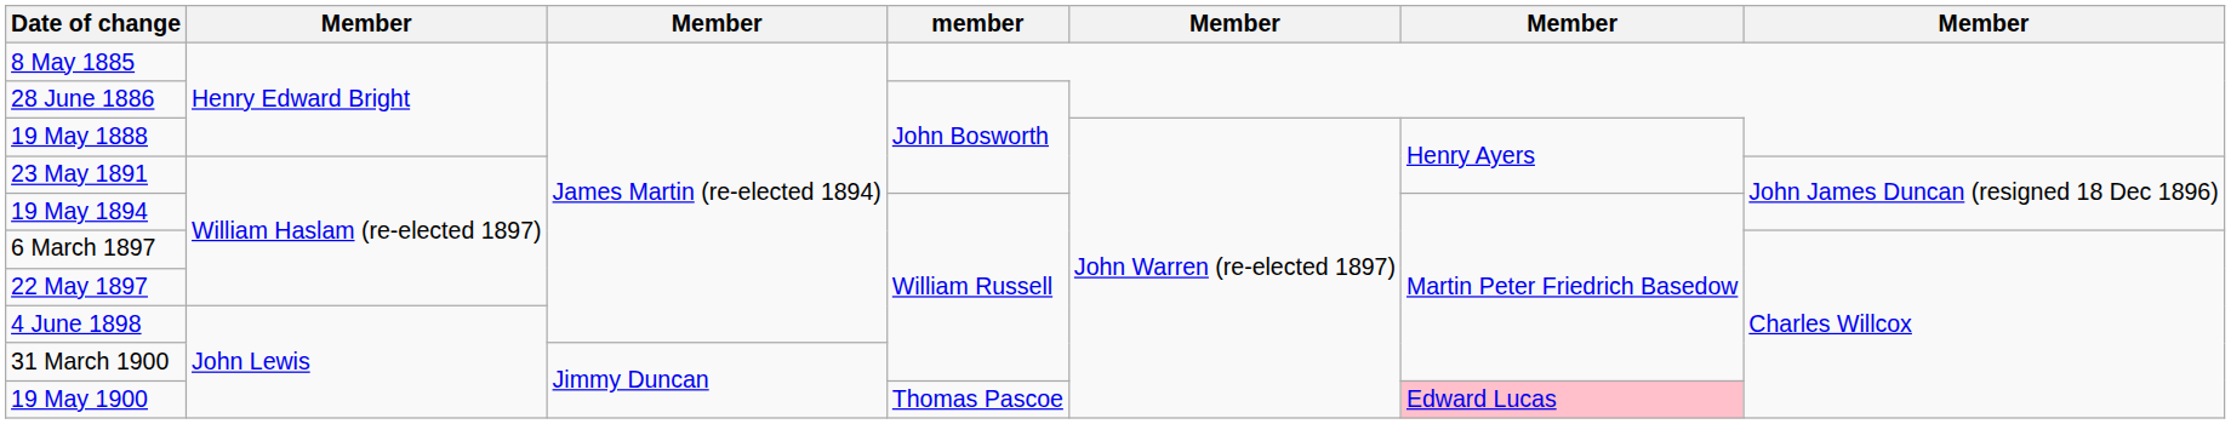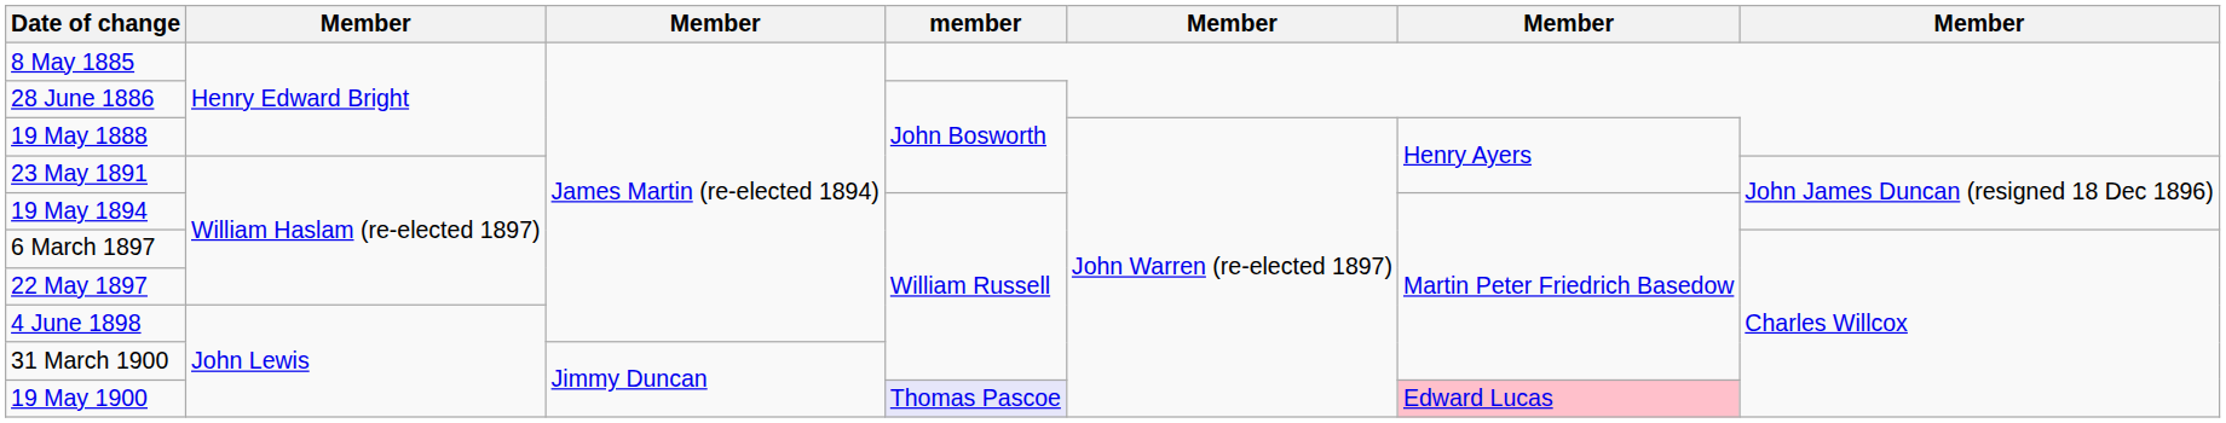 <table class="wikitable">
 <tr>
 <th>Date of change</th>
 <th>Member</th>
 <th>Member</th>
 <th>member</th>
 <th>Member</th>
 <th>Member</th>
 <th>Member</th>
 </tr>
 <tr>
 <td><a href='#'>8 May 1885</a></td>
 <td rowspan=3><a href='#'>Henry Edward Bright</a></td>
 <td rowspan=8><a href='#'>James Martin</a> (re-elected 1894)</td>
 </tr>
 <tr>
 <td><a href='#'>28 June 1886</a></td>
 <td rowspan=3><a href='#'>John Bosworth</a></td>
 </tr>
 <tr>
 <td><a href='#'>19 May 1888</a></td>
 <td rowspan=8><a href='#'>John Warren</a> (re-elected 1897)</td>
 <td rowspan=2><a href='#'>Henry Ayers</a></td>
 </tr>
 <tr>
 <td><a href='#'>23 May 1891</a></td>
 <td rowspan=4><a href='#'>William Haslam</a> (re-elected 1897)</td>
 <td rowspan=2><a href='#'>John James Duncan</a> (resigned 18 Dec 1896)</td>
 </tr>
 <tr>
 <td><a href='#'>19 May 1894</a></td>
 <td rowspan=5><a href='#'>William Russell</a></td>
 <td rowspan=5><a href='#'>Martin Peter Friedrich Basedow</a></td>
 </tr>
 <tr>
 <td>6 March 1897</td>
 <td rowspan=5><a href='#'>Charles Willcox</a></td>
 </tr>
 <tr>
 <td><a href='#'>22 May 1897</a></td>
 </tr>
 <tr>
 <td><a href='#'>4 June 1898</a></td>
 <td rowspan=3><a href='#'>John Lewis</a></td>
 </tr>
 <tr>
 <td>31 March 1900</td>
 <td rowspan=2><a href='#'>Jimmy Duncan</a></td>
 </tr>
 <tr>
 <td><a href='#'>19 May 1900</a></td>
-<td><a href='#'>Thomas Pascoe</a></td>
+<td style="background: lavender;"><a href='#'>Thomas Pascoe</a></td>
 <td style="background: pink;"><a href='#'>Edward Lucas</a></td>
 </tr>
 </table>
